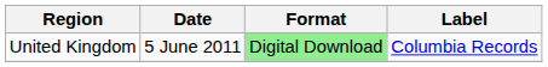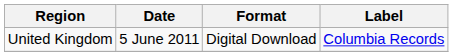 <table class=wikitable>
 <tr>
 <th>Region</th>
 <th>Date</th>
 <th>Format</th>
 <th>Label</th>
 </tr>
 <tr>
 <td>United Kingdom</td>
 <td>5 June 2011</td>
-<td style="background: lightgreen;">Digital Download</td>
+<td>Digital Download</td>
 <td><a href='#'>Columbia Records</a></td>
 </tr>
 <tr>
 </tr>
 </table>
